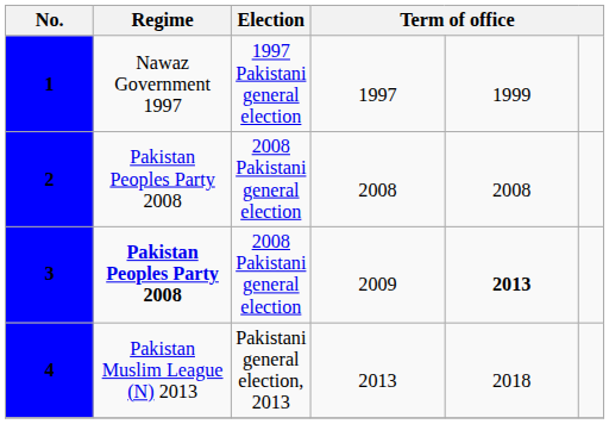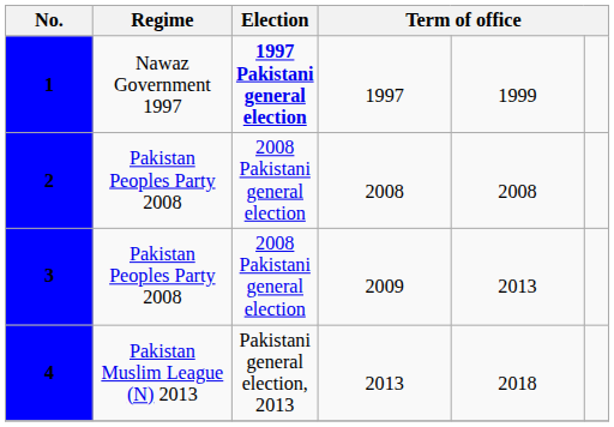 <table class="wikitable" style="width:80%; text-align:center">
 <tr>
 <th>No.</th>
 <th style="width:23%;">Regime</th>
 <th style="width:10%;">Election</th>
 <th colspan=3>Term of office</th>
 </tr>
 <tr>
 <th style="background:blue;">1</th>
 <td>Nawaz Government 1997<br></td>
-<td><a href='#'>1997 Pakistani general election</a></td>
+<td><strong><a href='#'>1997 Pakistani general election</a></strong></td>
 <td><br>1997</td>
 <td><br>1999</td>
 <td></td>
 </tr>
 <tr>
 <th style="background:blue;">2</th>
 <td><a href='#'>Pakistan Peoples Party</a> 2008<br></td>
 <td><a href='#'>2008 Pakistani general election</a></td>
 <td><br>2008</td>
 <td><br>2008</td>
 <td></td>
 </tr>
 <tr>
 <th style="background:blue;">3</th>
-<td><strong><a href='#'>Pakistan Peoples Party</a> 2008<br></strong></td>
+<td><a href='#'>Pakistan Peoples Party</a> 2008<br></td>
 <td><a href='#'>2008 Pakistani general election</a></td>
 <td><br>2009</td>
-<td><strong><br>2013</strong></td>
+<td><br>2013</td>
 <td></td>
 </tr>
 <tr>
 <th style="background:blue;">4</th>
 <td><a href='#'>Pakistan Muslim League (N)</a> 2013<br></td>
 <td>Pakistani general election, 2013</td>
 <td><br>2013</td>
 <td><br>2018</td>
 <td></td>
 </tr>
 <tr>
 </tr>
 </table>
